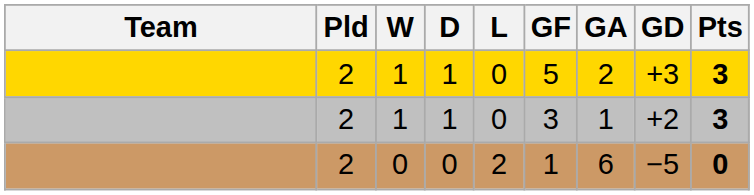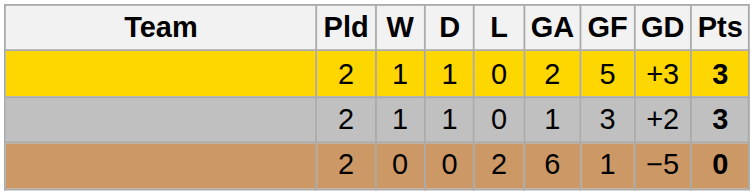 <table class="wikitable" style="text-align:center">
 <tr>
 <th width=165>Team</th>
 <th width=20>Pld</th>
 <th width=20>W</th>
 <th width=20>D</th>
 <th width=20>L</th>
+<th width=20>GA</th>
 <th width=20>GF</th>
-<th width=20>GA</th>
 <th width=20>GD</th>
 <th width=20>Pts</th>
 </tr>
 <tr bgcolor=gold>
 <td align="left"></td>
 <td>2</td>
 <td>1</td>
 <td>1</td>
 <td>0</td>
+<td>2</td>
 <td>5</td>
-<td>2</td>
 <td>+3</td>
 <td><strong>3</strong></td>
 </tr>
 <tr bgcolor=silver>
 <td align="left"></td>
 <td>2</td>
 <td>1</td>
 <td>1</td>
 <td>0</td>
+<td>1</td>
 <td>3</td>
-<td>1</td>
 <td>+2</td>
 <td><strong>3</strong></td>
 </tr>
 <tr bgcolor=#cc9966>
 <td align="left"></td>
 <td>2</td>
 <td>0</td>
 <td>0</td>
 <td>2</td>
+<td>6</td>
 <td>1</td>
-<td>6</td>
 <td>−5</td>
 <td><strong>0</strong></td>
 </tr>
 </table>
